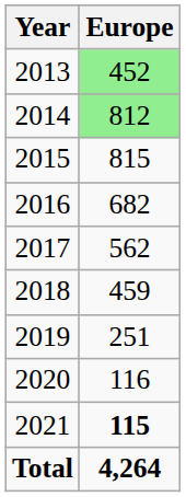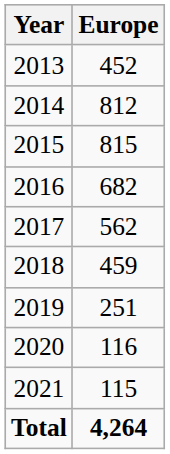 <table class="wikitable" style="float:center; clear:center; margin:0 0 1em 1em; text-align:center;">
 <tr>
 <th>Year</th>
 <th>Europe</th>
 </tr>
 <tr>
 <td>2013</td>
-<td style="background: lightgreen;">452</td>
+<td>452</td>
 </tr>
 <tr>
 <td>2014</td>
-<td style="background: lightgreen;">812</td>
+<td>812</td>
 </tr>
 <tr>
 <td>2015</td>
 <td>815</td>
 </tr>
 <tr>
 <td>2016</td>
 <td>682</td>
 </tr>
 <tr>
 <td>2017</td>
 <td>562</td>
 </tr>
 <tr>
 <td>2018</td>
 <td>459</td>
 </tr>
 <tr>
 <td>2019</td>
 <td>251</td>
 </tr>
 <tr>
 <td>2020</td>
 <td>116</td>
 </tr>
 <tr>
 <td>2021</td>
-<td><strong>115</strong></td>
+<td>115</td>
 </tr>
 <tr>
 <td><strong>Total</strong></td>
 <td><strong>4,264</strong></td>
 </tr>
 </table>
